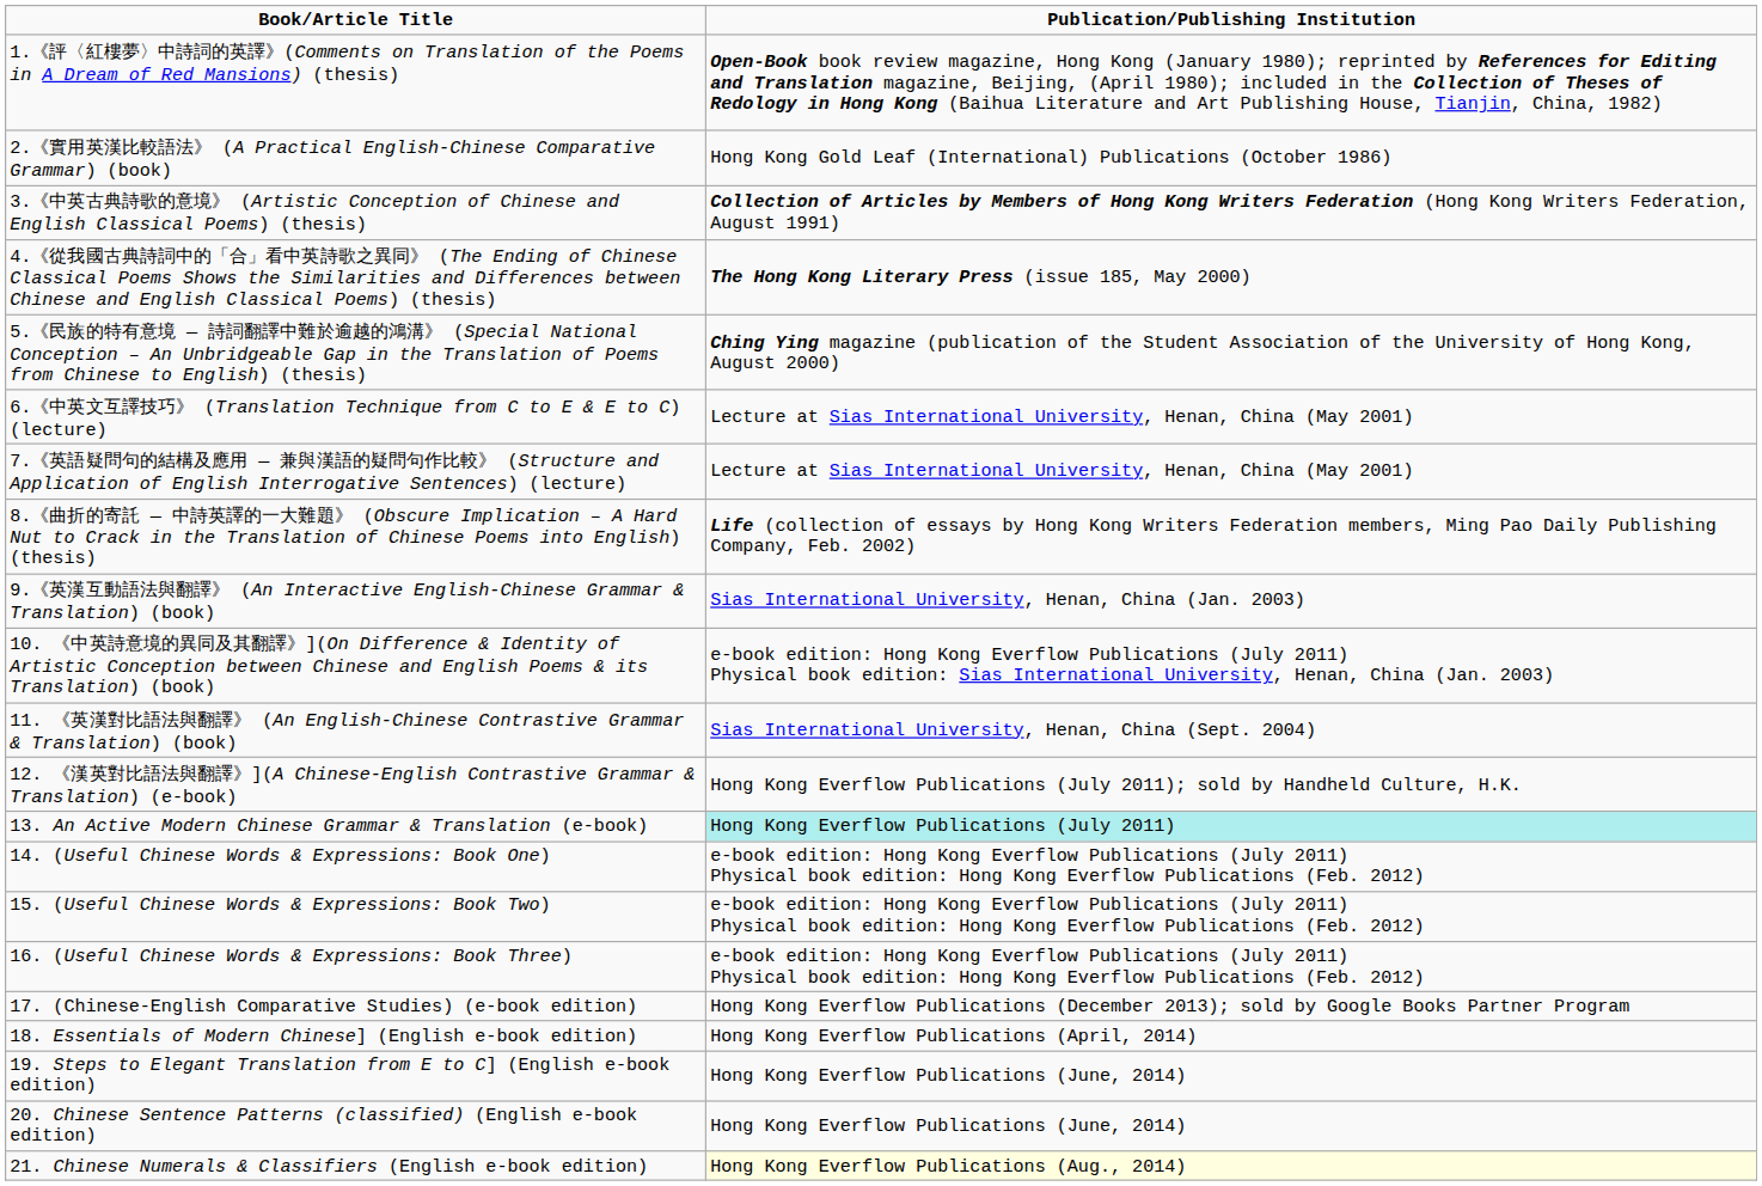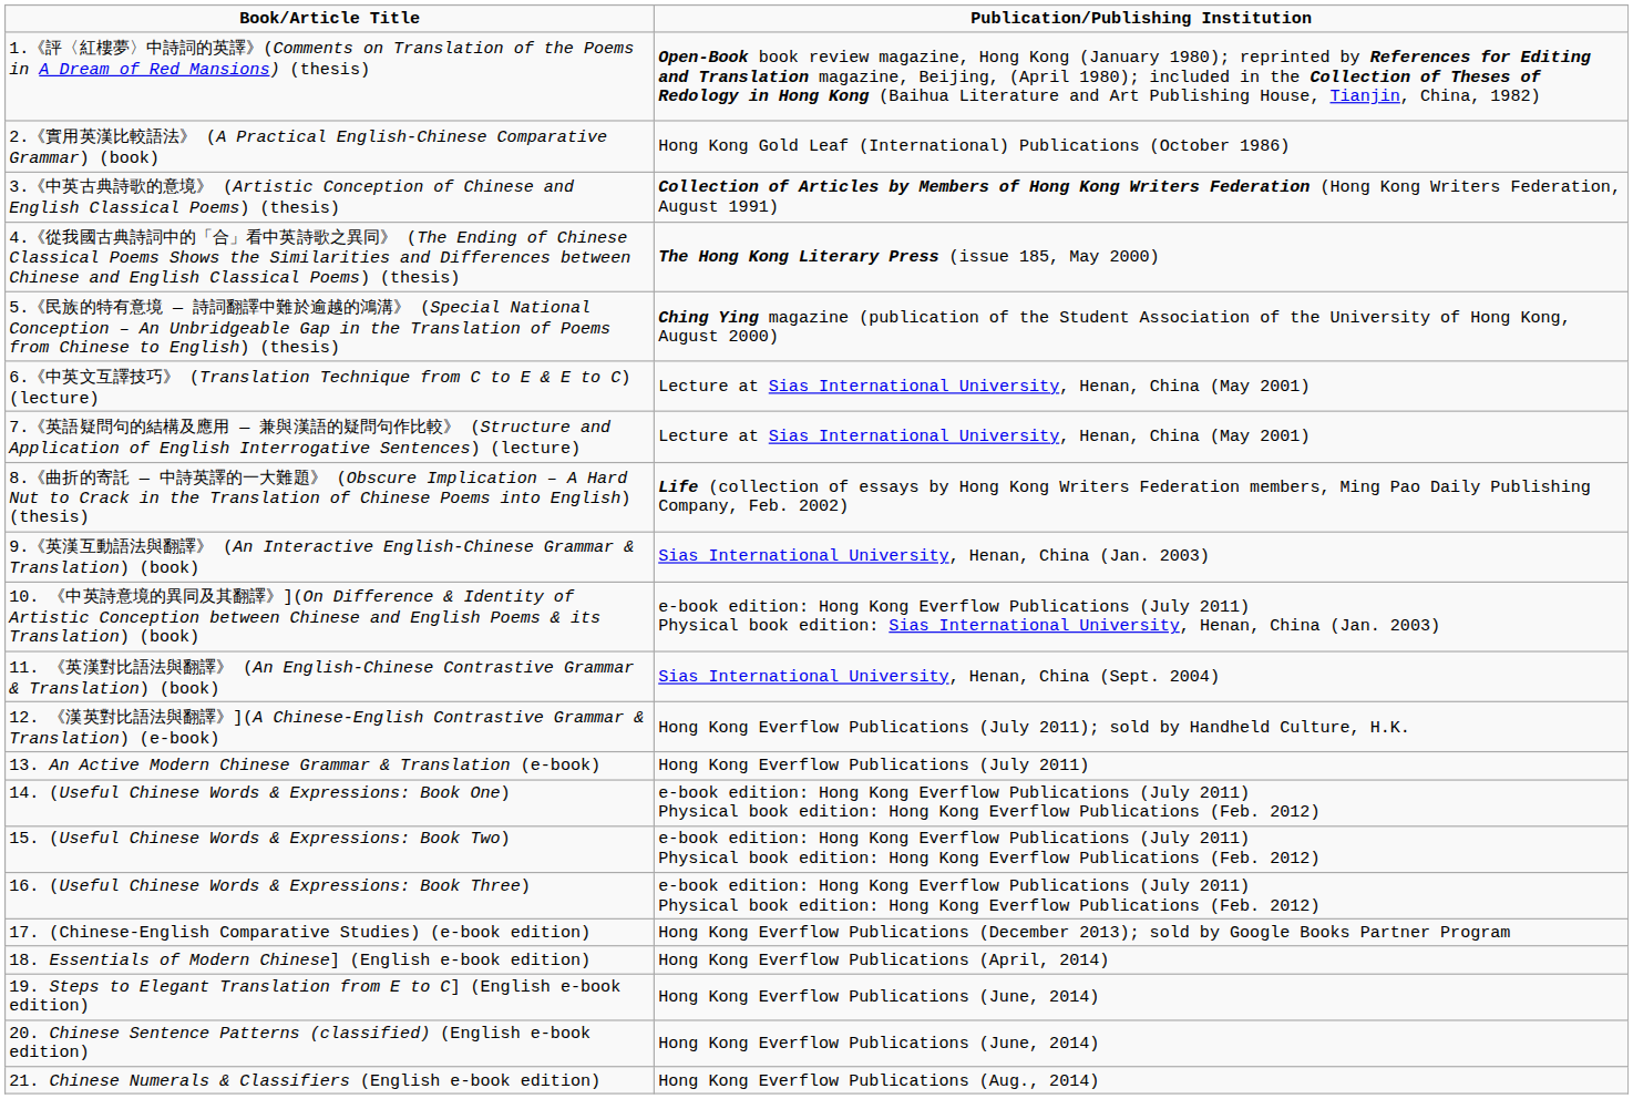 <table class="wikitable" width="100%">
 <tr align=center>
 <td style="width:40%"><strong>Book/Article Title</strong></td>
 <td style="width:60%"><strong>Publication/Publishing Institution</strong></td>
 </tr>
 <tr>
 <td rowspan="1">1.《評〈紅樓夢〉中詩詞的英譯》(<em>Comments on Translation of the Poems in <a href='#'>A Dream of Red Mansions</a>)</em> (thesis)<br><br><br></td>
 <td><strong><em>Open-Book</em></strong> book review magazine, Hong Kong (January 1980); reprinted by <strong><em>References for Editing and Translation</em></strong> magazine, Beijing, (April 1980); included in the <strong><em>Collection of Theses of Redology in Hong Kong</em></strong> (Baihua Literature and Art Publishing House, <a href='#'>Tianjin</a>, China, 1982)</td>
 </tr>
 <tr>
 <td rowspan="1">2.《實用英漢比較語法》 (<em>A Practical English-Chinese Comparative Grammar</em>) (book)</td>
 <td>Hong Kong Gold Leaf (International) Publications (October 1986)</td>
 </tr>
 <tr>
 <td rowspan="1">3.《中英古典詩歌的意境》 (<em>Artistic Conception of Chinese and English Classical Poems</em>) (thesis)</td>
 <td><strong><em>Collection of Articles by Members of Hong Kong Writers Federation</em></strong> (Hong Kong Writers Federation, August 1991)</td>
 </tr>
 <tr>
 <td rowspan="1">4.《從我國古典詩詞中的「合」看中英詩歌之異同》 (<em>The Ending of Chinese Classical Poems Shows the Similarities and Differences between Chinese and English Classical Poems</em>) (thesis)</td>
 <td><strong><em>The Hong Kong Literary Press</em></strong> (issue 185, May 2000)</td>
 </tr>
 <tr>
 <td rowspan="1">5.《民族的特有意境 — 詩詞翻譯中難於逾越的鴻溝》 (<em>Special National Conception – An Unbridgeable Gap in the Translation of Poems from Chinese to English</em>) (thesis)</td>
 <td><strong><em>Ching Ying</em></strong> magazine (publication of the Student Association of the University of Hong Kong, August 2000)</td>
 </tr>
 <tr>
 <td rowspan="1">6.《中英文互譯技巧》 (<em>Translation Technique from C to E & E to C</em>) (lecture)</td>
 <td>Lecture at <a href='#'>Sias International University</a>, Henan, China (May 2001)</td>
 </tr>
 <tr>
 <td rowspan="1">7.《英語疑問句的結構及應用 — 兼與漢語的疑問句作比較》 (<em>Structure and Application of English Interrogative Sentences</em>) (lecture)</td>
 <td>Lecture at <a href='#'>Sias International University</a>, Henan, China (May 2001)</td>
 </tr>
 <tr>
 <td rowspan="1">8.《曲折的寄託 — 中詩英譯的一大難題》 (<em>Obscure Implication – A Hard Nut to Crack in the Translation of Chinese Poems into English</em>) (thesis)</td>
 <td><strong><em>Life</em></strong> (collection of essays by Hong Kong Writers Federation members, Ming Pao Daily Publishing Company, Feb. 2002)</td>
 </tr>
 <tr>
 <td rowspan="1">9.《英漢互動語法與翻譯》 (<em>An Interactive English-Chinese Grammar & Translation</em>) (book)</td>
 <td><a href='#'>Sias International University</a>, Henan, China (Jan. 2003)</td>
 </tr>
 <tr>
 <td rowspan="1">10. 《中英詩意境的異同及其翻譯》](<em>On Difference & Identity of Artistic Conception between Chinese and English Poems & its Translation</em>) (book)</td>
 <td>e-book edition: Hong Kong Everflow Publications (July 2011)<br>Physical book edition: <a href='#'>Sias International University</a>, Henan, China (Jan. 2003)</td>
 </tr>
 <tr>
 <td rowspan="1">11. 《英漢對比語法與翻譯》 (<em>An English-Chinese Contrastive Grammar & Translation</em>) (book)</td>
 <td><a href='#'>Sias International University</a>, Henan, China (Sept. 2004)</td>
 </tr>
 <tr>
 <td rowspan="1">12. 《漢英對比語法與翻譯》](<em>A Chinese-English Contrastive Grammar & Translation</em>) (e-book)</td>
 <td>Hong Kong Everflow Publications (July 2011); sold by Handheld Culture, H.K.</td>
 </tr>
 <tr>
 <td rowspan="1">13. <em>An Active Modern Chinese Grammar & Translation</em> (e-book)</td>
-<td style="background: paleturquoise;">Hong Kong Everflow Publications (July 2011)</td>
+<td>Hong Kong Everflow Publications (July 2011)</td>
 </tr>
 <tr>
 <td rowspan="1">14.  (<em>Useful Chinese Words & Expressions: Book One</em>)<br><br></td>
 <td>e-book edition: Hong Kong Everflow Publications (July 2011)<br>Physical book edition: Hong Kong Everflow Publications (Feb. 2012)</td>
 </tr>
 <tr>
 <td rowspan="1">15.  (<em>Useful Chinese Words & Expressions: Book Two</em>)<br><br></td>
 <td>e-book edition: Hong Kong Everflow Publications (July 2011)<br>Physical book edition: Hong Kong Everflow Publications (Feb. 2012)</td>
 </tr>
 <tr>
 <td rowspan="1">16.  (<em>Useful Chinese Words & Expressions: Book Three</em>)<br><br></td>
 <td>e-book edition: Hong Kong Everflow Publications (July 2011)<br>Physical book edition: Hong Kong Everflow Publications (Feb. 2012)</td>
 </tr>
 <tr>
 <td rowspan="1">17.  (Chinese-English Comparative Studies) (e-book edition)</td>
 <td>Hong Kong Everflow Publications (December 2013); sold by Google Books Partner Program</td>
 </tr>
 <tr>
 <td rowspan="1">18. <em>Essentials of Modern Chinese</em>] (English e-book edition)</td>
 <td>Hong Kong Everflow Publications (April, 2014)</td>
 </tr>
 <tr>
 <td rowspan="1">19. <em>Steps to Elegant Translation from E to C</em>] (English e-book edition)</td>
 <td>Hong Kong Everflow Publications (June, 2014)</td>
 </tr>
 <tr>
 <td rowspan="1">20. <em>Chinese Sentence Patterns (classified)</em> (English e-book edition)</td>
 <td>Hong Kong Everflow Publications (June, 2014)</td>
 </tr>
 <tr>
 <td rowspan="1">21. <em>Chinese Numerals & Classifiers</em> (English e-book edition)</td>
-<td style="background: lightyellow;">Hong Kong Everflow Publications (Aug., 2014)</td>
+<td>Hong Kong Everflow Publications (Aug., 2014)</td>
 </tr>
 </table>
